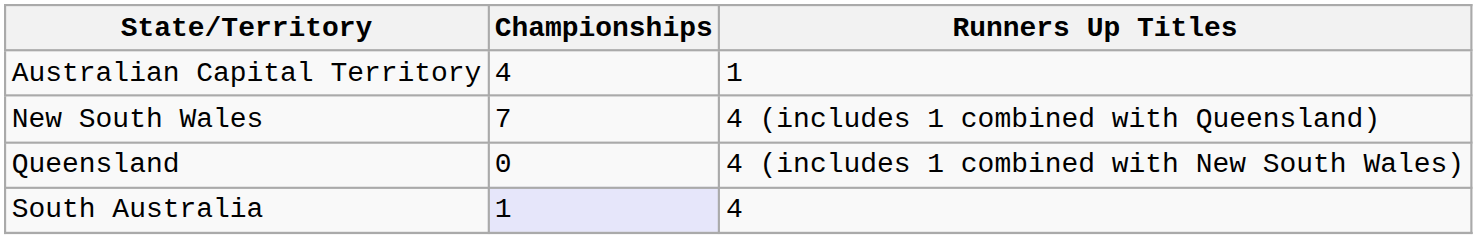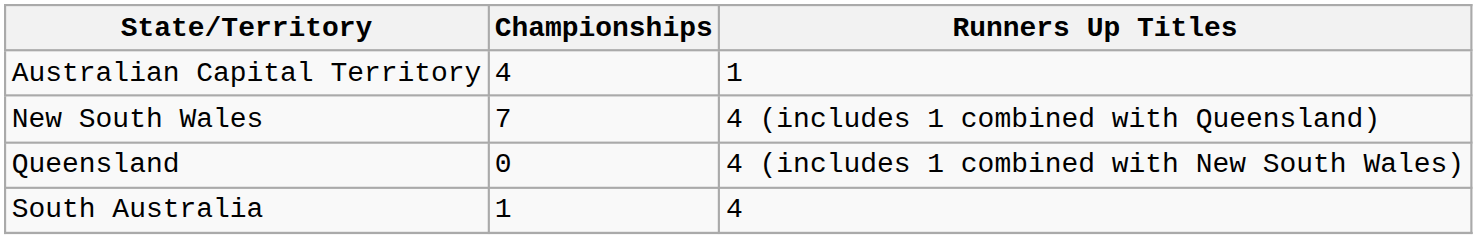 <table class="wikitable">
 <tr>
 <th>State/Territory</th>
 <th>Championships</th>
 <th>Runners Up Titles</th>
 </tr>
 <tr>
 <td> Australian Capital Territory</td>
 <td>4</td>
 <td>1</td>
 </tr>
 <tr>
 <td> New South Wales</td>
 <td>7</td>
 <td>4 (includes 1 combined with Queensland)</td>
 </tr>
 <tr>
 <td> Queensland</td>
 <td>0</td>
 <td>4 (includes 1 combined with New South Wales)</td>
 </tr>
 <tr>
 <td> South Australia</td>
-<td style="background: lavender;">1</td>
+<td>1</td>
 <td>4</td>
 </tr>
 <tr>
 </tr>
 </table>
